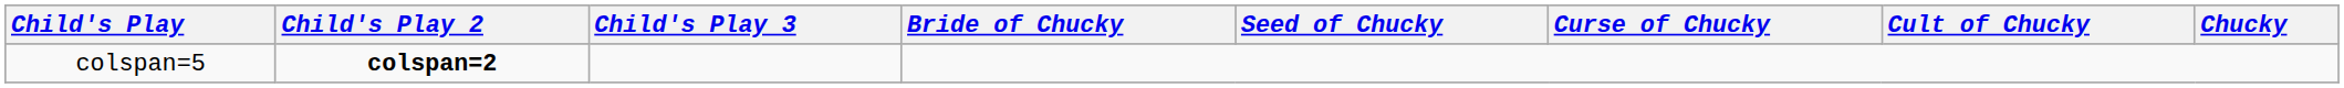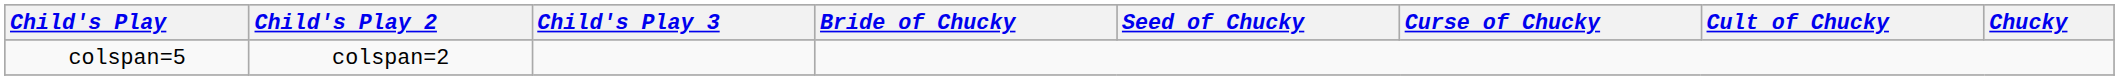 <table class="wikitable plainrowheaders" style="text-align:center" width=100%>
 <tr>
 <th scope="row" style="text-align:left"><em><a href='#'>Child's Play</a></em></th>
 <th scope="row" style="text-align:left"><em><a href='#'>Child's Play 2</a></em></th>
 <th scope="row" style="text-align:left"><em><a href='#'>Child's Play 3</a></em></th>
 <th scope="row" style="text-align:left"><em><a href='#'>Bride of Chucky</a></em></th>
 <th scope="row" style="text-align:left"><em><a href='#'>Seed of Chucky</a></em></th>
 <th scope="row" style="text-align:left"><em><a href='#'>Curse of Chucky</a></em></th>
 <th scope="row" style="text-align:left"><em><a href='#'>Cult of Chucky</a></em></th>
 <th scope="row" style="text-align:left"><em><a href='#'>Chucky</a></em></th>
 </tr>
 <tr>
 <td>colspan=5 </td>
-<td><strong>colspan=2 </strong></td>
+<td>colspan=2 </td>
 <td></td>
 </tr>
 </table>
